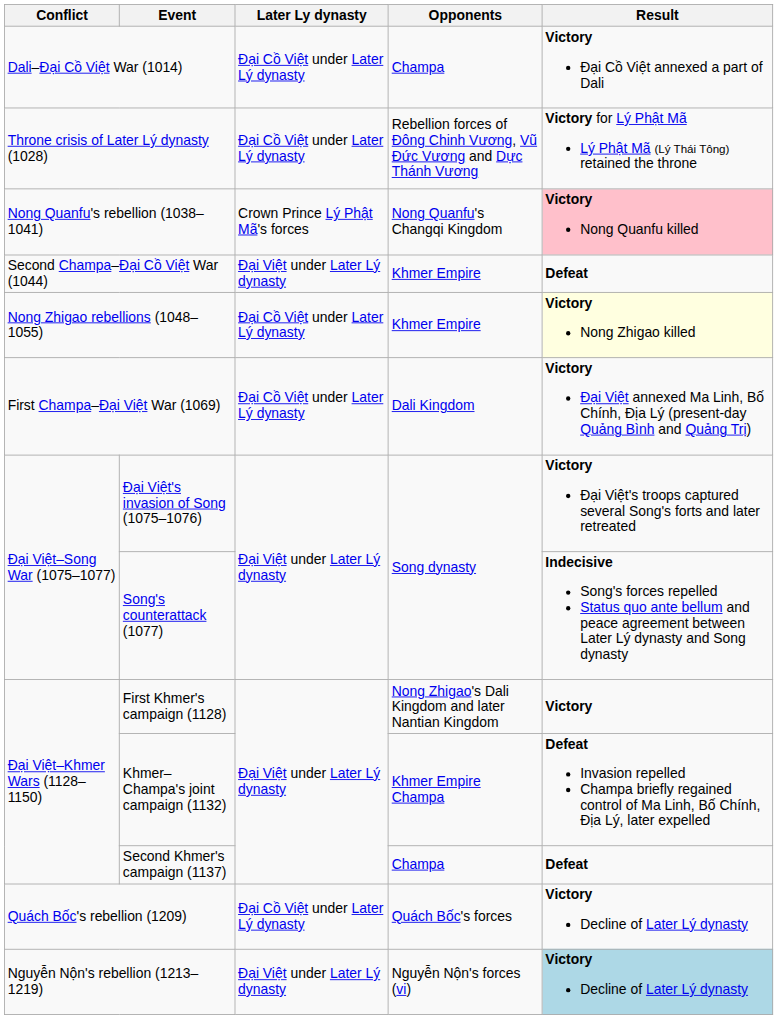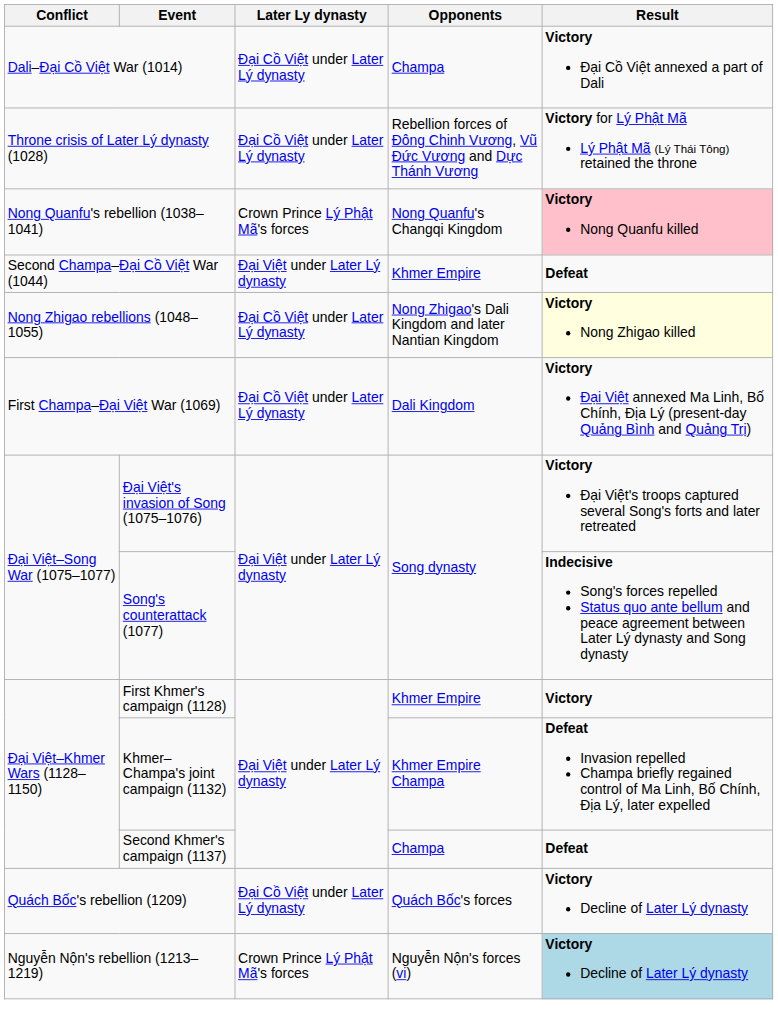 <table class="wikitable" width="100%">
 <tr>
 <th width="15%">Conflict</th>
 <th width="15%">Event</th>
 <th width="20%">Later Ly dynasty</th>
 <th width="20%">Opponents</th>
 <th width="30%">Result</th>
 </tr>
 <tr>
 <td colspan = "2"><a href='#'>Dali</a>–<a href='#'>Đại Cồ Việt</a> War (1014)</td>
 <td><a href='#'>Đại Cồ Việt</a> under <a href='#'>Later Lý dynasty</a></td>
 <td><a href='#'>Champa</a></td>
 <td><strong>Victory</strong><br><ul><li>Đại Cồ Việt annexed a part of Dali</li></ul></td>
 </tr>
 <tr>
 <td colspan = "2"><a href='#'>Throne crisis of Later Lý dynasty</a> (1028)</td>
 <td><a href='#'>Đại Cồ Việt</a> under <a href='#'>Later Lý dynasty</a></td>
 <td>Rebellion forces of <a href='#'>Đông Chinh Vương</a>, <a href='#'>Vũ Đức Vương</a> and <a href='#'>Dực Thánh Vương</a></td>
 <td><strong>Victory</strong> for <a href='#'>Lý Phật Mã</a><br><ul><li><a href='#'>Lý Phật Mã</a> <small>(Lý Thái Tông)</small> retained the throne</li></ul></td>
 </tr>
 <tr>
 <td colspan = "2"><a href='#'>Nong Quanfu</a>'s rebellion (1038–1041)</td>
 <td>Crown Prince <a href='#'>Lý Phật Mã</a>'s forces</td>
 <td><a href='#'>Nong Quanfu</a>'s Changqi Kingdom</td>
 <td style="background: pink;"><strong>Victory</strong><br><ul><li>Nong Quanfu killed</li></ul></td>
 </tr>
 <tr>
 <td colspan = "2">Second <a href='#'>Champa</a>–<a href='#'>Đại Cồ Việt</a> War (1044)</td>
 <td><a href='#'>Đại Việt</a> under <a href='#'>Later Lý dynasty</a></td>
 <td><a href='#'>Khmer Empire</a></td>
 <td><strong>Defeat</strong></td>
 </tr>
 <tr>
 <td colspan = "2"><a href='#'>Nong Zhigao rebellions</a> (1048–1055)</td>
 <td><a href='#'>Đại Cồ Việt</a> under <a href='#'>Later Lý dynasty</a></td>
-<td><a href='#'>Khmer Empire</a></td>
+<td><a href='#'>Nong Zhigao</a>'s Dali Kingdom and later Nantian Kingdom</td>
 <td style="background: lightyellow;"><strong>Victory</strong><br><ul><li>Nong Zhigao killed</li></ul></td>
 </tr>
 <tr>
 <td colspan = "2">First <a href='#'>Champa</a>–<a href='#'>Đại Việt</a> War (1069)</td>
 <td><a href='#'>Đại Cồ Việt</a> under <a href='#'>Later Lý dynasty</a></td>
 <td><a href='#'>Dali Kingdom</a></td>
 <td><strong>Victory</strong><br><ul><li><a href='#'>Đại Việt</a> annexed Ma Linh, Bố Chính, Địa Lý (present-day <a href='#'>Quảng Bình</a> and <a href='#'>Quảng Trị</a>)</li></ul></td>
 </tr>
 <tr>
 <td rowspan = "2"><a href='#'>Đại Việt–Song War</a> (1075–1077)</td>
 <td><a href='#'>Đại Việt's invasion of Song</a> (1075–1076)</td>
 <td rowspan = "2"><a href='#'>Đại Việt</a> under <a href='#'>Later Lý dynasty</a></td>
 <td rowspan = "2"><a href='#'>Song dynasty</a></td>
 <td><strong>Victory</strong><br><ul><li>Đại Việt's troops captured several Song's forts and later retreated</li></ul></td>
 </tr>
 <tr>
 <td><a href='#'>Song's counterattack</a> (1077)</td>
 <td><strong>Indecisive</strong><br><ul><li>Song's forces repelled</li><li><a href='#'>Status quo ante bellum</a> and peace agreement between Later Lý dynasty and Song dynasty</li></ul></td>
 </tr>
 <tr>
 <td rowspan = "3"><a href='#'>Đại Việt–Khmer Wars</a> (1128–1150)</td>
 <td>First Khmer's campaign (1128)</td>
 <td rowspan = "3"><a href='#'>Đại Việt</a> under <a href='#'>Later Lý dynasty</a></td>
-<td><a href='#'>Nong Zhigao</a>'s Dali Kingdom and later Nantian Kingdom</td>
+<td><a href='#'>Khmer Empire</a></td>
 <td><strong>Victory</strong></td>
 </tr>
 <tr>
 <td>Khmer–Champa's joint campaign (1132)</td>
 <td><a href='#'>Khmer Empire</a><br><a href='#'>Champa</a></td>
 <td><strong>Defeat</strong><br><ul><li>Invasion repelled</li><li>Champa briefly regained control of Ma Linh, Bố Chính, Địa Lý, later expelled</li></ul></td>
 </tr>
 <tr>
 <td>Second Khmer's campaign (1137)</td>
 <td><a href='#'>Champa</a></td>
 <td><strong>Defeat</strong></td>
 </tr>
 <tr>
 <td colspan = "2"><a href='#'>Quách Bốc</a>'s rebellion (1209)</td>
 <td><a href='#'>Đại Cồ Việt</a> under <a href='#'>Later Lý dynasty</a></td>
 <td><a href='#'>Quách Bốc</a>'s forces</td>
 <td><strong>Victory</strong><br><ul><li>Decline of <a href='#'>Later Lý dynasty</a></li></ul></td>
 </tr>
 <tr>
 <td colspan = "2">Nguyễn Nộn's rebellion (1213–1219)</td>
-<td><a href='#'>Đại Việt</a> under <a href='#'>Later Lý dynasty</a></td>
+<td>Crown Prince <a href='#'>Lý Phật Mã</a>'s forces</td>
 <td>Nguyễn Nộn's forces (<a href='#'>vi</a>)</td>
 <td style="background: lightblue;"><strong>Victory</strong><br><ul><li>Decline of <a href='#'>Later Lý dynasty</a></li></ul></td>
 </tr>
 </table>
